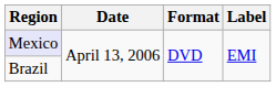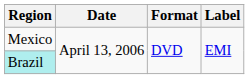 <table class="wikitable">
 <tr>
 <th>Region</th>
 <th>Date</th>
 <th>Format</th>
 <th>Label</th>
 </tr>
 <tr>
-<td style="background: lavender;">Mexico</td>
+<td>Mexico</td>
 <td rowspan="2">April 13, 2006</td>
 <td rowspan="2"><a href='#'>DVD</a></td>
 <td rowspan="2"><a href='#'>EMI</a></td>
 </tr>
 <tr>
-<td>Brazil</td>
+<td style="background: paleturquoise;">Brazil</td>
 </tr>
 </table>
